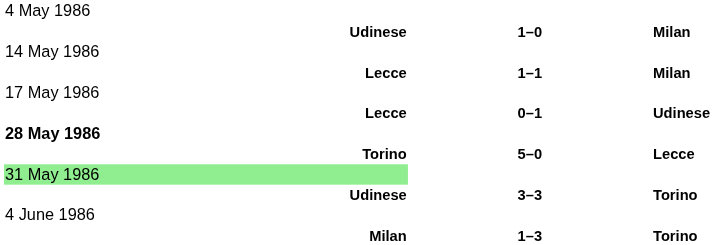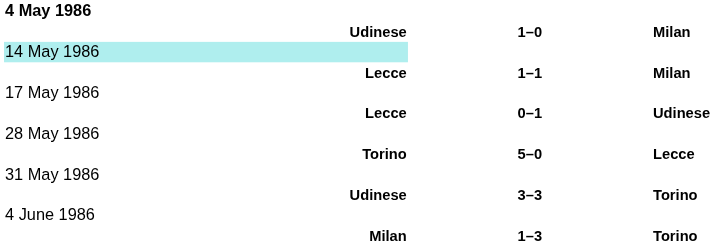 <table width=100% cellspacing=1>
 <tr>
 <th width=20%></th>
 <th width=12%></th>
 <th width=20%></th>
 <th></th>
 </tr>
 <tr>
-<td>4 May 1986</td>
+<td><strong>4 May 1986</strong></td>
 </tr>
 <tr style=font-size:90%>
 <td align=right><strong>Udinese</strong></td>
 <td align=center><strong>1–0</strong></td>
 <td><strong>Milan</strong></td>
 </tr>
 <tr>
-<td>14 May 1986</td>
+<td style="background: paleturquoise;">14 May 1986</td>
 </tr>
 <tr style=font-size:90%>
 <td align=right><strong>Lecce</strong></td>
 <td align=center><strong>1–1</strong></td>
 <td><strong>Milan</strong></td>
 </tr>
 <tr>
 <td>17 May 1986</td>
 </tr>
 <tr style=font-size:90%>
 <td align=right><strong>Lecce</strong></td>
 <td align=center><strong>0–1</strong></td>
 <td><strong>Udinese</strong></td>
 </tr>
 <tr>
-<td><strong>28 May 1986</strong></td>
+<td>28 May 1986</td>
 </tr>
 <tr style=font-size:90%>
 <td align=right><strong>Torino</strong></td>
 <td align=center><strong>5–0</strong></td>
 <td><strong>Lecce</strong></td>
 </tr>
 <tr>
-<td style="background: lightgreen;">31 May 1986</td>
+<td>31 May 1986</td>
 </tr>
 <tr style=font-size:90%>
 <td align=right><strong>Udinese</strong></td>
 <td align=center><strong>3–3</strong></td>
 <td><strong>Torino</strong></td>
 </tr>
 <tr>
 <td>4 June 1986</td>
 </tr>
 <tr style=font-size:90%>
 <td align=right><strong>Milan</strong></td>
 <td align=center><strong>1–3</strong></td>
 <td><strong>Torino</strong></td>
 </tr>
 </table>
